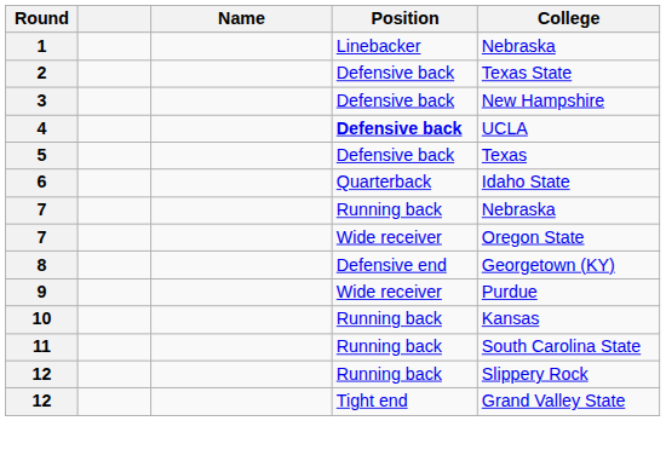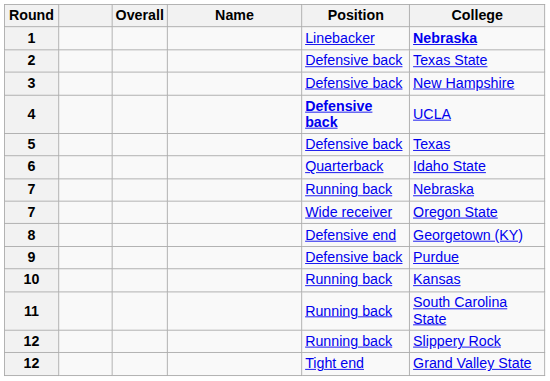 <table class="wikitable sortable">
 <tr>
 <th scope="col" style="width: 10%;">Round</th>
 <th scope="col" style="width: 10%;"></th>
+<th scope="col" style="width: 10%;">Overall</th>
 <th scope="col" style="width: 25%;">Name</th>
 <th scope="col" style="width: 20%;">Position</th>
 <th scope="col" style="width: 25%;">College</th>
 </tr>
 <tr>
 <th scope="row">1</th>
 <td></td>
 <td></td>
+<td></td>
 <td><a href='#'>Linebacker</a></td>
-<td><a href='#'>Nebraska</a></td>
+<td><strong><a href='#'>Nebraska</a></strong></td>
 </tr>
 <tr>
 <th scope="row">2</th>
+<td></td>
 <td></td>
 <td></td>
 <td><a href='#'>Defensive back</a></td>
 <td><a href='#'>Texas State</a></td>
 </tr>
 <tr>
 <th scope="row">3</th>
 <td></td>
 <td></td>
+<td></td>
 <td><a href='#'>Defensive back</a></td>
 <td><a href='#'>New Hampshire</a></td>
 </tr>
 <tr>
 <th scope="row">4</th>
+<td></td>
 <td></td>
 <td></td>
 <td><strong><a href='#'>Defensive back</a></strong></td>
 <td><a href='#'>UCLA</a></td>
 </tr>
 <tr>
 <th scope="row">5</th>
 <td></td>
 <td></td>
+<td></td>
 <td><a href='#'>Defensive back</a></td>
 <td><a href='#'>Texas</a></td>
 </tr>
 <tr>
 <th scope="row">6</th>
+<td></td>
 <td></td>
 <td></td>
 <td><a href='#'>Quarterback</a></td>
 <td><a href='#'>Idaho State</a></td>
 </tr>
 <tr>
 <th scope="row">7</th>
 <td></td>
 <td></td>
+<td></td>
 <td><a href='#'>Running back</a></td>
 <td><a href='#'>Nebraska</a></td>
 </tr>
 <tr>
 <th scope="row">7</th>
+<td></td>
 <td></td>
 <td></td>
 <td><a href='#'>Wide receiver</a></td>
 <td><a href='#'>Oregon State</a></td>
 </tr>
 <tr>
 <th scope="row">8</th>
 <td></td>
 <td></td>
+<td></td>
 <td><a href='#'>Defensive end</a></td>
 <td><a href='#'>Georgetown (KY)</a></td>
 </tr>
 <tr>
 <th scope="row">9</th>
 <td></td>
 <td></td>
-<td><a href='#'>Wide receiver</a></td>
+<td></td>
+<td><a href='#'>Defensive back</a></td>
 <td><a href='#'>Purdue</a></td>
 </tr>
 <tr>
 <th scope="row">10</th>
+<td></td>
 <td></td>
 <td></td>
 <td><a href='#'>Running back</a></td>
 <td><a href='#'>Kansas</a></td>
 </tr>
 <tr>
 <th scope="row">11</th>
 <td></td>
 <td></td>
+<td></td>
 <td><a href='#'>Running back</a></td>
 <td><a href='#'>South Carolina State</a></td>
 </tr>
 <tr>
 <th scope="row">12</th>
+<td></td>
 <td></td>
 <td></td>
 <td><a href='#'>Running back</a></td>
 <td><a href='#'>Slippery Rock</a></td>
 </tr>
 <tr>
 <th scope="row">12</th>
 <td></td>
 <td></td>
+<td></td>
 <td><a href='#'>Tight end</a></td>
 <td><a href='#'>Grand Valley State</a></td>
 </tr>
 </table>
